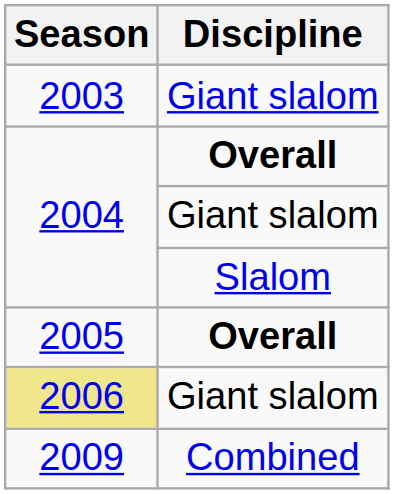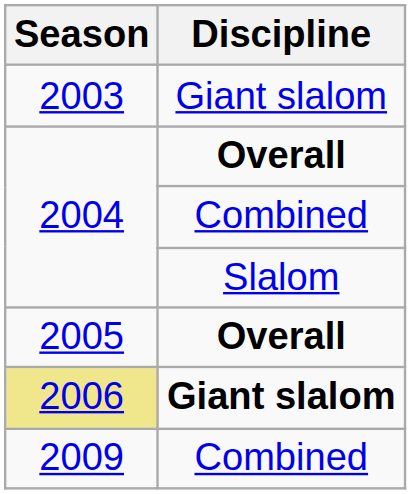 <table class="wikitable" style="text-align:center;">
 <tr>
 <th scope="col">Season</th>
 <th scope="col">Discipline</th>
 </tr>
 <tr>
 <td scope="row"><a href='#'>2003</a></td>
 <td><a href='#'>Giant slalom</a></td>
 </tr>
 <tr>
 <td rowspan=3><a href='#'>2004</a></td>
 <td><strong>Overall</strong></td>
 </tr>
 <tr>
-<td>Giant slalom</td>
+<td><a href='#'>Combined</a></td>
 </tr>
 <tr>
 <td><a href='#'>Slalom</a></td>
 </tr>
 <tr>
 <td><a href='#'>2005</a></td>
 <td><strong>Overall</strong></td>
 </tr>
 <tr>
 <td style="background: khaki;"><a href='#'>2006</a></td>
-<td>Giant slalom</td>
+<td><strong>Giant slalom</strong></td>
 </tr>
 <tr>
 <td><a href='#'>2009</a></td>
 <td><a href='#'>Combined</a></td>
 </tr>
 </table>
